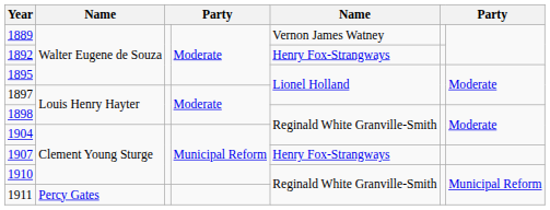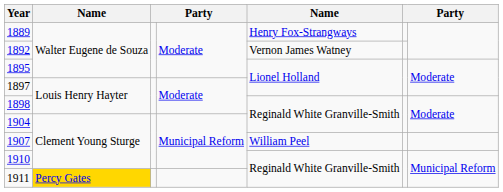 <table class="wikitable">
 <tr>
 <th>Year</th>
 <th>Name</th>
 <th colspan=2>Party</th>
 <th>Name</th>
 <th colspan=2>Party</th>
 </tr>
 <tr>
 <td><a href='#'>1889</a></td>
 <td rowspan=3>Walter Eugene de Souza</td>
 <td rowspan=3 style="background-color: "></td>
 <td rowspan=3><a href='#'>Moderate</a></td>
-<td>Vernon James Watney</td>
+<td><a href='#'>Henry Fox-Strangways</a></td>
 <td></td>
 </tr>
 <tr>
 <td><a href='#'>1892</a></td>
-<td><a href='#'>Henry Fox-Strangways</a></td>
+<td>Vernon James Watney</td>
 <td></td>
 </tr>
 <tr>
 <td><a href='#'>1895</a></td>
 <td rowspan=2><a href='#'>Lionel Holland</a></td>
 <td rowspan=2 style="background-color: "></td>
 <td rowspan=2><a href='#'>Moderate</a></td>
 </tr>
 <tr>
 <td>1897</td>
 <td rowspan=2>Louis Henry Hayter</td>
 <td rowspan=2 style="background-color: "></td>
 <td rowspan=2><a href='#'>Moderate</a></td>
 </tr>
 <tr>
 <td><a href='#'>1898</a></td>
 <td rowspan=2>Reginald White Granville-Smith</td>
 <td rowspan=2 style="background-color: "></td>
 <td rowspan=2><a href='#'>Moderate</a></td>
 </tr>
 <tr>
 <td><a href='#'>1904</a></td>
 <td rowspan=3>Clement Young Sturge</td>
 <td rowspan=3 style="background-color: "></td>
 <td rowspan=3><a href='#'>Municipal Reform</a></td>
 </tr>
 <tr>
 <td><a href='#'>1907</a></td>
-<td><a href='#'>Henry Fox-Strangways</a></td>
+<td><a href='#'>William Peel</a></td>
 <td></td>
 </tr>
 <tr>
 <td><a href='#'>1910</a></td>
 <td rowspan=2>Reginald White Granville-Smith</td>
 <td rowspan=2 style="background-color: "></td>
 <td rowspan=2><a href='#'>Municipal Reform</a></td>
 </tr>
 <tr>
 <td>1911</td>
-<td><a href='#'>Percy Gates</a></td>
+<td style="background: gold;"><a href='#'>Percy Gates</a></td>
 <td></td>
 </tr>
 </table>
